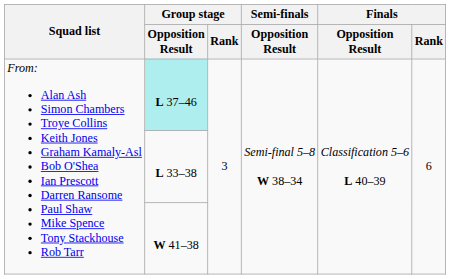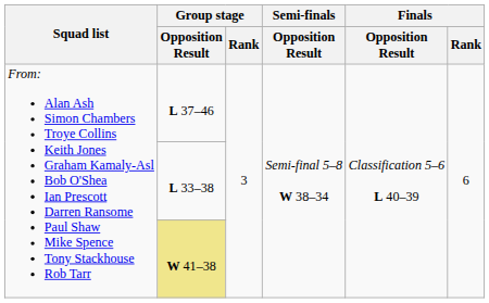 <table class=wikitable style="font-size:90%">
 <tr>
 <th rowspan="2">Squad list</th>
 <th colspan="2">Group stage</th>
 <th>Semi-finals</th>
 <th colspan="2">Finals</th>
 </tr>
 <tr>
 <th>Opposition<br>Result</th>
 <th>Rank</th>
 <th>Opposition<br>Result</th>
 <th>Opposition<br>Result</th>
 <th>Rank</th>
 </tr>
 <tr>
 <td rowspan="3"><em>From:</em><br><ul><li><a href='#'>Alan Ash</a></li><li><a href='#'>Simon Chambers</a></li><li><a href='#'>Troye Collins</a></li><li><a href='#'>Keith Jones</a></li><li><a href='#'>Graham Kamaly-Asl</a></li><li><a href='#'>Bob O'Shea</a></li><li><a href='#'>Ian Prescott</a></li><li><a href='#'>Darren Ransome</a></li><li><a href='#'>Paul Shaw</a></li><li><a href='#'>Mike Spence</a></li><li><a href='#'>Tony Stackhouse</a></li><li><a href='#'>Rob Tarr</a></li></ul></td>
-<td align="center" style="background: paleturquoise;"><br><strong>L</strong> 37–46</td>
+<td align="center"><br><strong>L</strong> 37–46</td>
 <td align="center" rowspan="3">3</td>
 <td align="center" rowspan="3"><em>Semi-final 5–8</em><br><br><strong>W</strong> 38–34</td>
 <td align="center" rowspan="3"><em>Classification 5–6</em><br><br><strong>L</strong> 40–39</td>
 <td align="center" rowspan="3">6</td>
 </tr>
 <tr>
 <td align="center"><br><strong>L</strong> 33–38</td>
 </tr>
 <tr>
-<td align="center"><br><strong>W</strong> 41–38</td>
+<td align="center" style="background: khaki;"><br><strong>W</strong> 41–38</td>
 </tr>
 </table>
